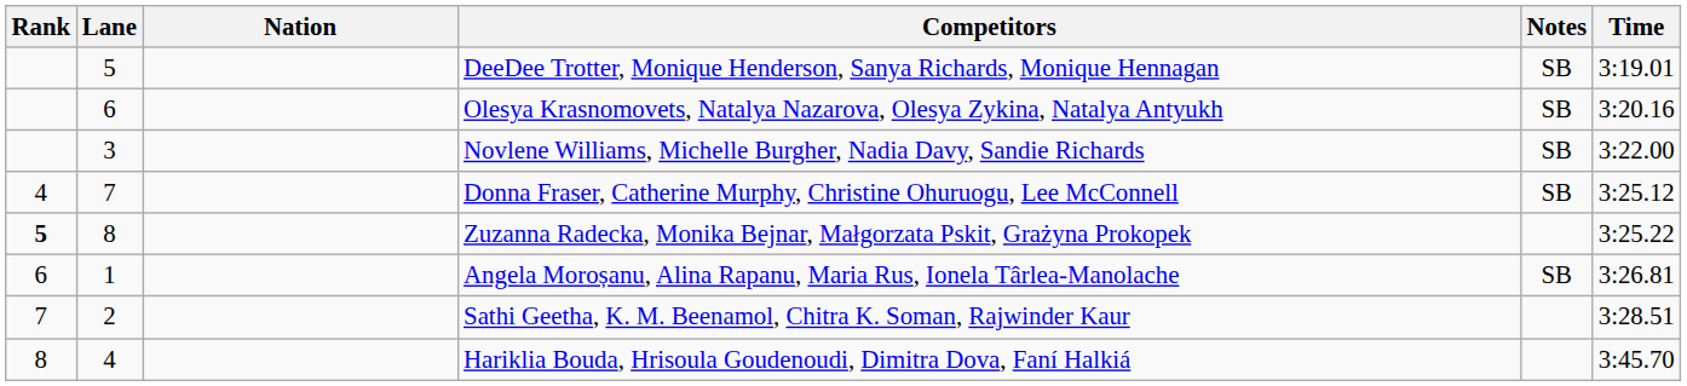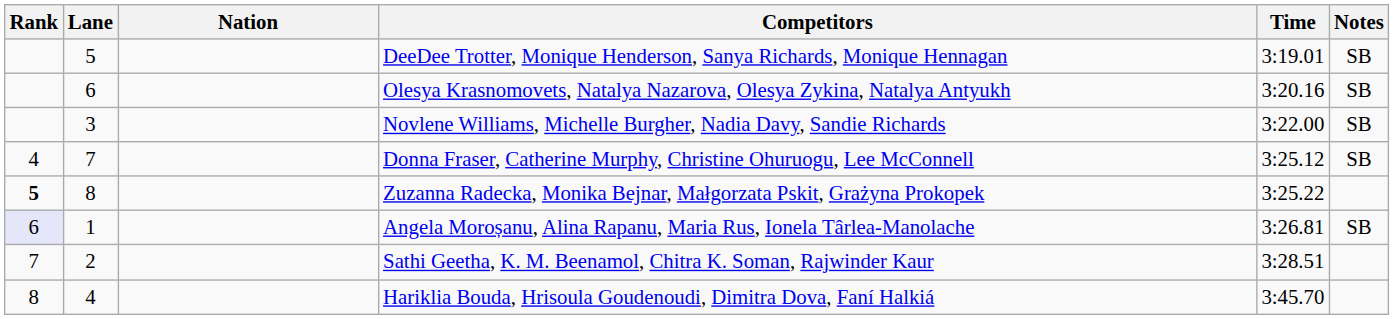 <table class="wikitable sortable"  style="width:80%; text-align:center; font-size:95%;">
 <tr>
 <th width=15>Rank</th>
 <th width=15>Lane</th>
 <th width=200>Nation</th>
 <th width=700>Competitors</th>
+<th width=15>Time</th>
 <th width=15>Notes</th>
-<th width=15>Time</th>
 </tr>
 <tr>
 <td></td>
 <td>5</td>
 <td align=left></td>
 <td align=left><a href='#'>DeeDee Trotter</a>, <a href='#'>Monique Henderson</a>, <a href='#'>Sanya Richards</a>, <a href='#'>Monique Hennagan</a></td>
+<td>3:19.01</td>
 <td>SB</td>
-<td>3:19.01</td>
 </tr>
 <tr>
 <td></td>
 <td>6</td>
 <td align=left></td>
 <td align=left><a href='#'>Olesya Krasnomovets</a>, <a href='#'>Natalya Nazarova</a>, <a href='#'>Olesya Zykina</a>, <a href='#'>Natalya Antyukh</a></td>
+<td>3:20.16</td>
 <td>SB</td>
-<td>3:20.16</td>
 </tr>
 <tr>
 <td></td>
 <td>3</td>
 <td align=left></td>
 <td align=left><a href='#'>Novlene Williams</a>, <a href='#'>Michelle Burgher</a>, <a href='#'>Nadia Davy</a>, <a href='#'>Sandie Richards</a></td>
+<td>3:22.00</td>
 <td>SB</td>
-<td>3:22.00</td>
 </tr>
 <tr>
 <td>4</td>
 <td>7</td>
 <td align=left></td>
 <td align=left><a href='#'>Donna Fraser</a>, <a href='#'>Catherine Murphy</a>, <a href='#'>Christine Ohuruogu</a>, <a href='#'>Lee McConnell</a></td>
+<td>3:25.12</td>
 <td>SB</td>
-<td>3:25.12</td>
 </tr>
 <tr>
 <td><strong>5</strong></td>
 <td>8</td>
 <td align=left></td>
 <td align=left><a href='#'>Zuzanna Radecka</a>, <a href='#'>Monika Bejnar</a>, <a href='#'>Małgorzata Pskit</a>, <a href='#'>Grażyna Prokopek</a></td>
+<td>3:25.22</td>
 <td></td>
-<td>3:25.22</td>
 </tr>
 <tr>
-<td>6</td>
+<td style="background: lavender;">6</td>
 <td>1</td>
 <td align=left></td>
 <td align=left><a href='#'>Angela Moroșanu</a>, <a href='#'>Alina Rapanu</a>, <a href='#'>Maria Rus</a>, <a href='#'>Ionela Târlea-Manolache</a></td>
+<td>3:26.81</td>
 <td>SB</td>
-<td>3:26.81</td>
 </tr>
 <tr>
 <td>7</td>
 <td>2</td>
 <td align=left></td>
 <td align=left><a href='#'>Sathi Geetha</a>, <a href='#'>K. M. Beenamol</a>, <a href='#'>Chitra K. Soman</a>,  <a href='#'>Rajwinder Kaur</a></td>
+<td>3:28.51</td>
 <td></td>
-<td>3:28.51</td>
 </tr>
 <tr>
 <td>8</td>
 <td>4</td>
 <td align=left></td>
 <td align=left><a href='#'>Hariklia Bouda</a>, <a href='#'>Hrisoula Goudenoudi</a>, <a href='#'>Dimitra Dova</a>, <a href='#'>Faní Halkiá</a></td>
+<td>3:45.70</td>
 <td></td>
-<td>3:45.70</td>
 </tr>
 </table>
